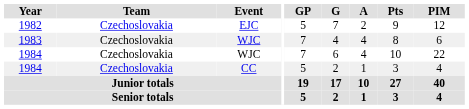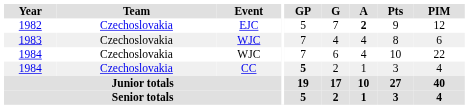 <table border="0" cellpadding="1" cellspacing="0" ID="Table3" style="text-align:center; width:40em">
 <tr bgcolor="#e0e0e0">
 <th>Year</th>
 <th>Team</th>
 <th>Event</th>
 <th rowspan="102" bgcolor="#ffffff"></th>
 <th>GP</th>
 <th>G</th>
 <th>A</th>
 <th>Pts</th>
 <th>PIM</th>
 </tr>
 <tr>
 <td><a href='#'>1982</a></td>
 <td><a href='#'>Czechoslovakia</a></td>
 <td><a href='#'>EJC</a></td>
 <td>5</td>
 <td>7</td>
-<td>2</td>
+<td><strong>2</strong></td>
 <td>9</td>
 <td>12</td>
 </tr>
 <tr bgcolor="#f0f0f0">
 <td><a href='#'>1983</a></td>
 <td>Czechoslovakia</td>
 <td><a href='#'>WJC</a></td>
 <td>7</td>
 <td>4</td>
 <td>4</td>
 <td>8</td>
 <td>6</td>
 </tr>
 <tr>
 <td><a href='#'>1984</a></td>
 <td>Czechoslovakia</td>
 <td>WJC</td>
 <td>7</td>
 <td>6</td>
 <td>4</td>
 <td>10</td>
 <td>22</td>
 </tr>
 <tr bgcolor="#f0f0f0">
 <td><a href='#'>1984</a></td>
 <td><a href='#'>Czechoslovakia</a></td>
 <td><a href='#'>CC</a></td>
-<td>5</td>
+<td><strong>5</strong></td>
 <td>2</td>
 <td>1</td>
 <td>3</td>
 <td>4</td>
 </tr>
 <tr bgcolor="#e0e0e0">
 <th colspan=3>Junior totals</th>
 <th>19</th>
 <th>17</th>
 <th>10</th>
 <th>27</th>
 <th>40</th>
 </tr>
 <tr bgcolor="#e0e0e0">
 <th colspan=3>Senior totals</th>
 <th>5</th>
 <th>2</th>
 <th>1</th>
 <th>3</th>
 <th>4</th>
 </tr>
 </table>
